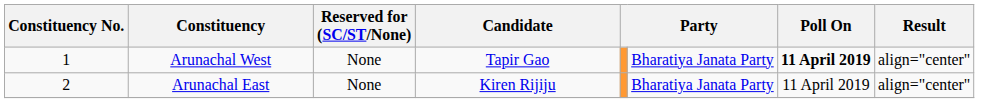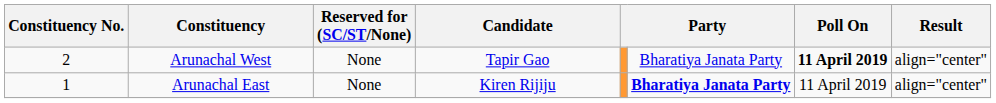 <table class="wikitable sortable" style="text-align:center;">
 <tr>
 <th>Constituency No.</th>
 <th style="width:180px;">Constituency</th>
 <th>Reserved for<br>(<a href='#'>SC/ST</a>/None)</th>
 <th style="width:200px;">Candidate</th>
 <th colspan="2">Party</th>
 <th>Poll On</th>
 <th>Result</th>
 </tr>
 <tr>
-<td align="center">1</td>
+<td align="center">2</td>
 <td><a href='#'>Arunachal West</a></td>
 <td align="center">None</td>
 <td><a href='#'>Tapir Gao</a></td>
 <td bgcolor=#FF9933></td>
 <td><a href='#'>Bharatiya Janata Party</a></td>
 <td align="center"><strong>11 April 2019</strong></td>
 <td>align="center" </td>
 </tr>
 <tr>
-<td align="center">2</td>
+<td align="center">1</td>
 <td><a href='#'>Arunachal East</a></td>
 <td align="center">None</td>
 <td><a href='#'>Kiren Rijiju</a></td>
 <td bgcolor=#FF9933></td>
-<td><a href='#'>Bharatiya Janata Party</a></td>
+<td><strong><a href='#'>Bharatiya Janata Party</a></strong></td>
 <td align="center">11 April 2019</td>
 <td>align="center" </td>
 </tr>
 <tr>
 </tr>
 </table>
